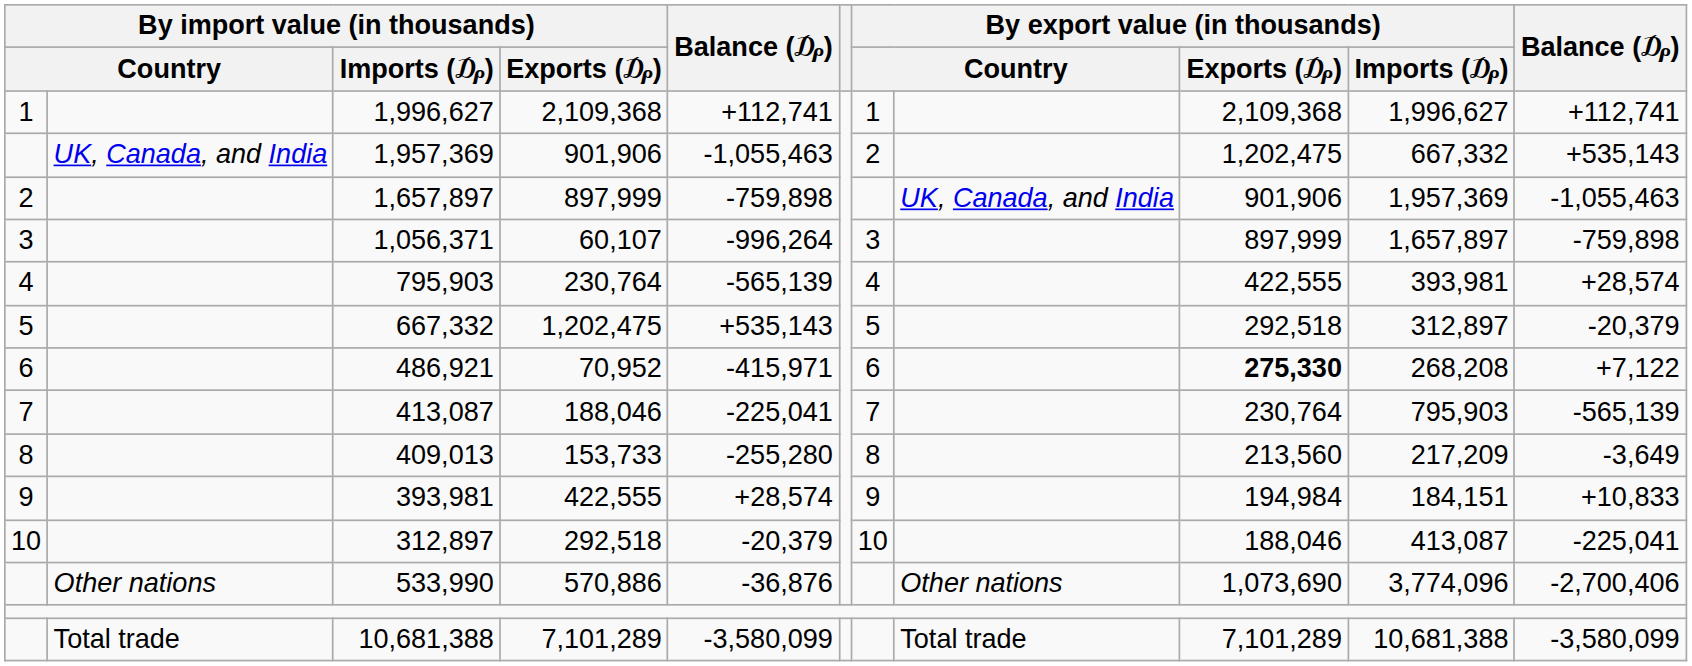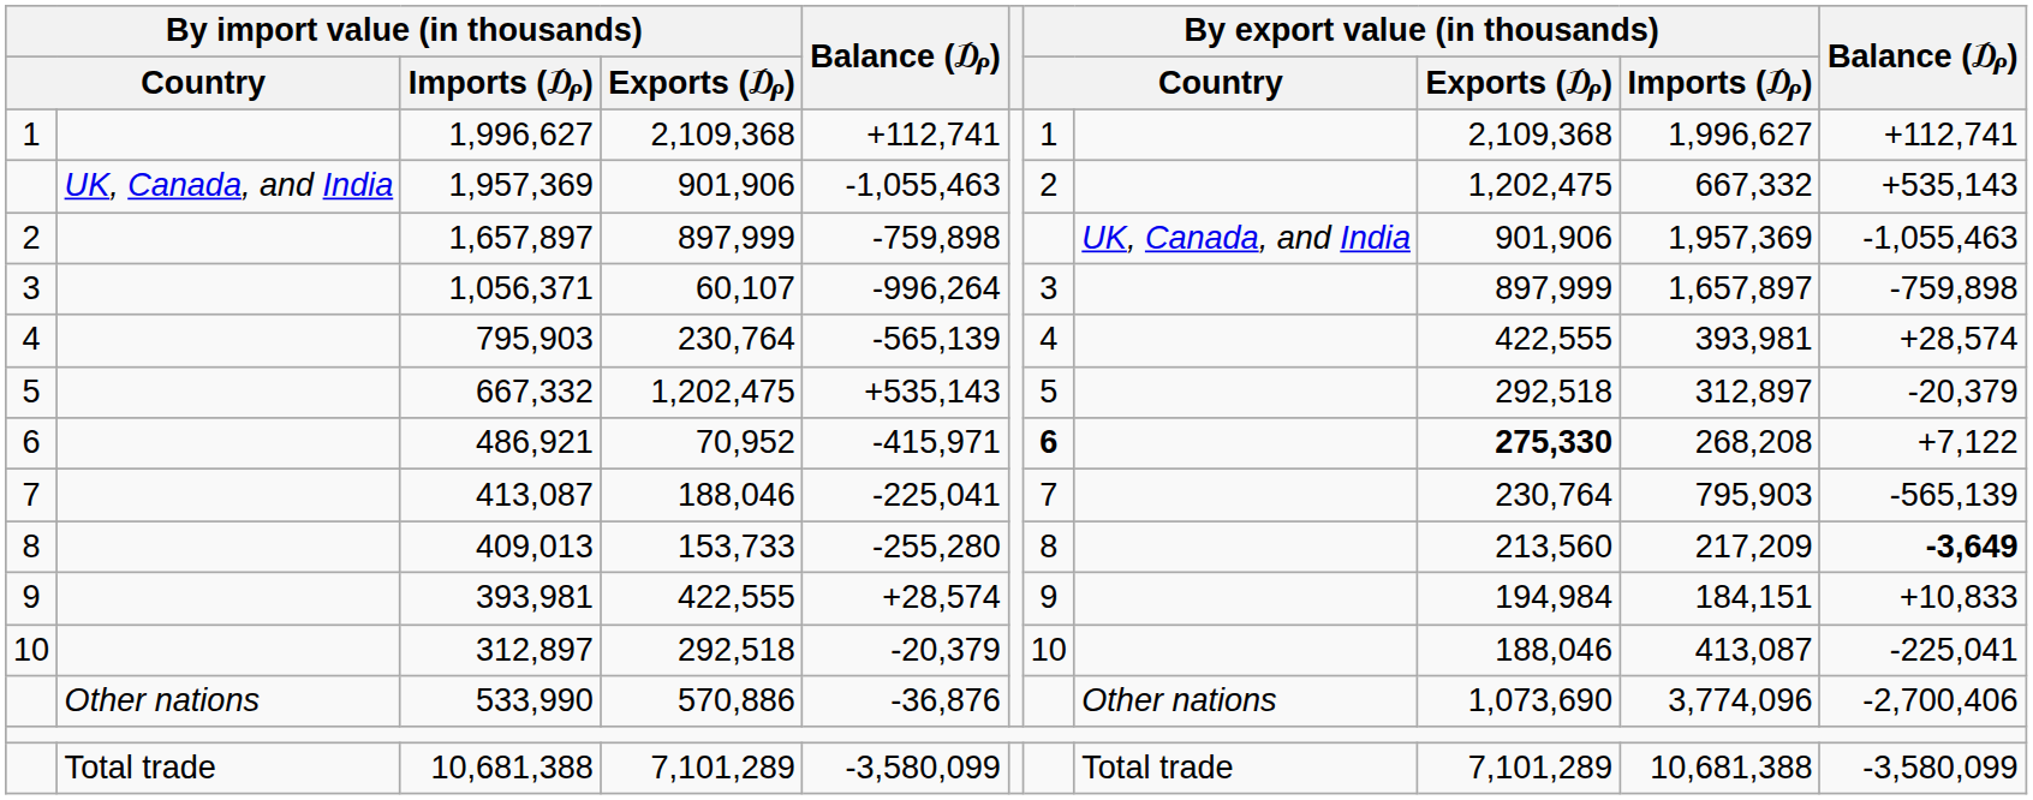 <table class=wikitable style=text-align:right>
 <tr>
 <th colspan="4">By import value (in thousands)</th>
 <th rowspan="2">Balance (₯)</th>
 <th rowspan="2"></th>
 <th colspan="4">By export value (in thousands)</th>
 <th rowspan="2">Balance (₯)</th>
 </tr>
 <tr>
 <th colspan="2">Country</th>
 <th>Imports (₯)</th>
 <th>Exports (₯)</th>
 <th colspan="2">Country</th>
 <th>Exports (₯)</th>
 <th>Imports (₯)</th>
 </tr>
 <tr>
 <td align=center>1</td>
 <td align=left></td>
 <td>1,996,627</td>
 <td>2,109,368</td>
 <td>+112,741</td>
 <td rowspan="12"></td>
 <td align=center>1</td>
 <td align=left></td>
 <td>2,109,368</td>
 <td>1,996,627</td>
 <td>+112,741</td>
 </tr>
 <tr>
 <td align=center></td>
 <td align=left><em> <a href='#'>UK</a>, <a href='#'>Canada</a>, and <a href='#'>India</a></em></td>
 <td>1,957,369</td>
 <td>901,906</td>
 <td>-1,055,463</td>
 <td align=center>2</td>
 <td align=left></td>
 <td>1,202,475</td>
 <td>667,332</td>
 <td>+535,143</td>
 </tr>
 <tr>
 <td align=center>2</td>
 <td align=left></td>
 <td>1,657,897</td>
 <td>897,999</td>
 <td>-759,898</td>
 <td align=center></td>
 <td align=left><em> <a href='#'>UK</a>, <a href='#'>Canada</a>, and <a href='#'>India</a></em></td>
 <td>901,906</td>
 <td>1,957,369</td>
 <td>-1,055,463</td>
 </tr>
 <tr>
 <td align=center>3</td>
 <td align=left></td>
 <td>1,056,371</td>
 <td>60,107</td>
 <td>-996,264</td>
 <td align=center>3</td>
 <td align=left></td>
 <td>897,999</td>
 <td>1,657,897</td>
 <td>-759,898</td>
 </tr>
 <tr>
 <td align=center>4</td>
 <td align=left></td>
 <td>795,903</td>
 <td>230,764</td>
 <td>-565,139</td>
 <td align=center>4</td>
 <td align=left></td>
 <td>422,555</td>
 <td>393,981</td>
 <td>+28,574</td>
 </tr>
 <tr>
 <td align=center>5</td>
 <td align=left></td>
 <td>667,332</td>
 <td>1,202,475</td>
 <td>+535,143</td>
 <td align=center>5</td>
 <td align=left></td>
 <td>292,518</td>
 <td>312,897</td>
 <td>-20,379</td>
 </tr>
 <tr>
 <td align=center>6</td>
 <td align=left></td>
 <td>486,921</td>
 <td>70,952</td>
 <td>-415,971</td>
-<td align=center>6</td>
+<td align=center><strong>6</strong></td>
 <td align=left></td>
 <td><strong>275,330</strong></td>
 <td>268,208</td>
 <td>+7,122</td>
 </tr>
 <tr>
 <td align=center>7</td>
 <td align=left></td>
 <td>413,087</td>
 <td>188,046</td>
 <td>-225,041</td>
 <td align=center>7</td>
 <td align=left></td>
 <td>230,764</td>
 <td>795,903</td>
 <td>-565,139</td>
 </tr>
 <tr>
 <td align=center>8</td>
 <td align=left></td>
 <td>409,013</td>
 <td>153,733</td>
 <td>-255,280</td>
 <td align=center>8</td>
 <td align=left></td>
 <td>213,560</td>
 <td>217,209</td>
-<td>-3,649</td>
+<td><strong>-3,649</strong></td>
 </tr>
 <tr>
 <td align=center>9</td>
 <td align=left></td>
 <td>393,981</td>
 <td>422,555</td>
 <td>+28,574</td>
 <td align=center>9</td>
 <td align=left></td>
 <td>194,984</td>
 <td>184,151</td>
 <td>+10,833</td>
 </tr>
 <tr>
 <td align=center>10</td>
 <td align=left></td>
 <td>312,897</td>
 <td>292,518</td>
 <td>-20,379</td>
 <td align=center>10</td>
 <td align=left></td>
 <td>188,046</td>
 <td>413,087</td>
 <td>-225,041</td>
 </tr>
 <tr>
 <td align=center></td>
 <td align=left><em>Other nations</em></td>
 <td>533,990</td>
 <td>570,886</td>
 <td>-36,876</td>
 <td align=center></td>
 <td align=left><em>Other nations</em></td>
 <td>1,073,690</td>
 <td>3,774,096</td>
 <td>-2,700,406</td>
 </tr>
 <tr>
 <td colspan="11"></td>
 </tr>
 <tr>
 <td align=center></td>
 <td align=left>Total trade</td>
 <td>10,681,388</td>
 <td>7,101,289</td>
 <td>-3,580,099</td>
 <td></td>
 <td align=center></td>
 <td align=left>Total trade</td>
 <td>7,101,289</td>
 <td>10,681,388</td>
 <td>-3,580,099</td>
 </tr>
 </table>
